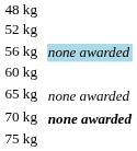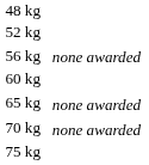 <table>
 <tr>
 <td rowspan=2>48 kg</td>
 <td rowspan=2></td>
 <td rowspan=2></td>
 <td></td>
 </tr>
 <tr>
 <td></td>
 </tr>
 <tr>
 <td rowspan=2>52 kg</td>
 <td rowspan=2></td>
 <td rowspan=2></td>
 <td></td>
 </tr>
 <tr>
 <td></td>
 </tr>
 <tr>
 <td rowspan=2>56 kg</td>
 <td rowspan=2></td>
 <td rowspan=2></td>
 <td></td>
 </tr>
 <tr>
-<td style="background: lightblue;"><em>none awarded</em></td>
+<td><em>none awarded</em></td>
 </tr>
 <tr>
 <td rowspan=2>60 kg</td>
 <td rowspan=2></td>
 <td rowspan=2></td>
 <td></td>
 </tr>
 <tr>
 <td></td>
 </tr>
 <tr>
 <td rowspan=2>65 kg</td>
 <td rowspan=2></td>
 <td rowspan=2></td>
 <td></td>
 </tr>
 <tr>
 <td><em>none awarded</em></td>
 </tr>
 <tr>
 <td rowspan=2>70 kg</td>
 <td rowspan=2></td>
 <td rowspan=2></td>
 <td></td>
 </tr>
 <tr>
-<td><strong><em>none awarded</em></strong></td>
+<td><em>none awarded</em></td>
 </tr>
 <tr>
 <td rowspan=2>75 kg</td>
 <td rowspan=2></td>
 <td rowspan=2></td>
 <td></td>
 </tr>
 <tr>
 <td></td>
 </tr>
 <tr>
 </tr>
 </table>
